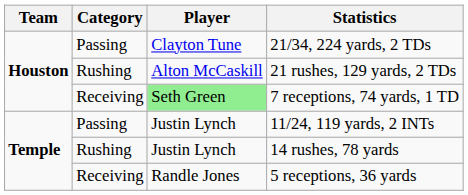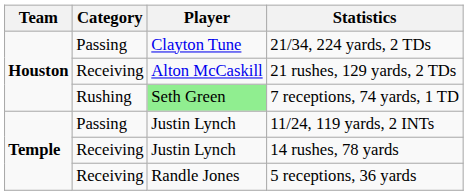 <table class="wikitable" style="float: left;">
 <tr>
 <th>Team</th>
 <th>Category</th>
 <th>Player</th>
 <th>Statistics</th>
 </tr>
 <tr>
 <td rowspan=3><strong>Houston</strong></td>
 <td>Passing</td>
 <td><a href='#'>Clayton Tune</a></td>
 <td>21/34, 224 yards, 2 TDs</td>
 </tr>
 <tr>
-<td>Rushing</td>
+<td>Receiving</td>
 <td><a href='#'>Alton McCaskill</a></td>
 <td>21 rushes, 129 yards, 2 TDs</td>
 </tr>
 <tr>
-<td>Receiving</td>
+<td>Rushing</td>
 <td style="background: lightgreen;">Seth Green</td>
 <td>7 receptions, 74 yards, 1 TD</td>
 </tr>
 <tr>
 <td rowspan=3><strong>Temple</strong></td>
 <td>Passing</td>
 <td>Justin Lynch</td>
 <td>11/24, 119 yards, 2 INTs</td>
 </tr>
 <tr>
-<td>Rushing</td>
+<td>Receiving</td>
 <td>Justin Lynch</td>
 <td>14 rushes, 78 yards</td>
 </tr>
 <tr>
 <td>Receiving</td>
 <td>Randle Jones</td>
 <td>5 receptions, 36 yards</td>
 </tr>
 </table>
